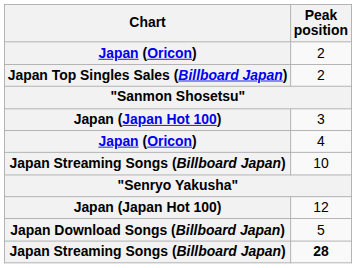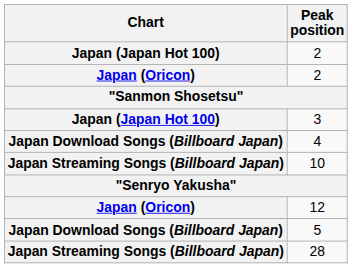 <table class="wikitable sortable plainrowheaders" style="text-align:center;">
 <tr>
 <th scope="col">Chart</th>
 <th scope="col">Peak<br>position</th>
 </tr>
 <tr>
-<th scope="row"><a href='#'>Japan</a> (<a href='#'>Oricon</a>)</th>
+<th scope="row">Japan (Japan Hot 100)</th>
 <td>2</td>
 </tr>
 <tr>
-<th scope="row">Japan Top Singles Sales (<em><a href='#'>Billboard Japan</a></em>)</th>
+<th scope="row"><a href='#'>Japan</a> (<a href='#'>Oricon</a>)</th>
 <td>2</td>
 </tr>
 <tr>
 <th colspan="2">"Sanmon Shosetsu"</th>
 </tr>
 <tr>
 <th scope="row">Japan (<a href='#'>Japan Hot 100</a>)</th>
 <td>3</td>
 </tr>
 <tr>
-<th scope="row"><a href='#'>Japan</a> (<a href='#'>Oricon</a>)</th>
+<th scope="row">Japan Download Songs (<em>Billboard Japan</em>)</th>
 <td>4</td>
 </tr>
 <tr>
 <th scope="row">Japan Streaming Songs (<em>Billboard Japan</em>)</th>
 <td>10</td>
 </tr>
 <tr>
 <th colspan="2">"Senryo Yakusha"</th>
 </tr>
 <tr>
-<th scope="row">Japan (Japan Hot 100)</th>
+<th scope="row"><a href='#'>Japan</a> (<a href='#'>Oricon</a>)</th>
 <td>12</td>
 </tr>
 <tr>
 <th scope="row">Japan Download Songs (<em>Billboard Japan</em>)</th>
 <td>5</td>
 </tr>
 <tr>
 <th scope="row">Japan Streaming Songs (<em>Billboard Japan</em>)</th>
-<td><strong>28</strong></td>
+<td>28</td>
 </tr>
 </table>
